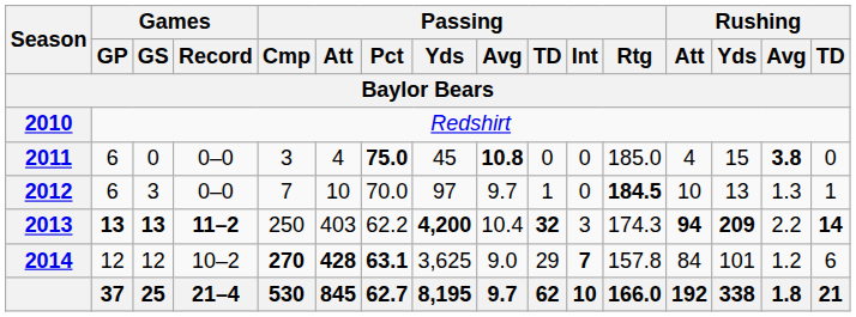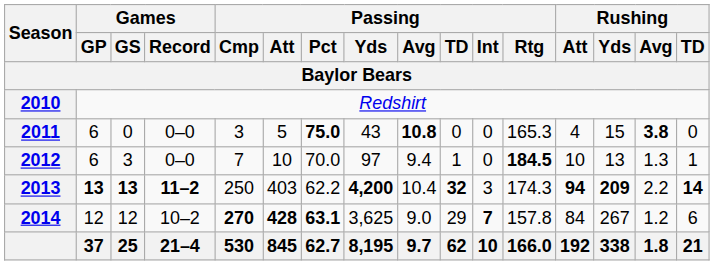 <table class="wikitable" style="text-align:center;">
 <tr>
 <th rowspan="2">Season</th>
 <th colspan="3">Games</th>
 <th colspan="8">Passing</th>
 <th colspan="5">Rushing</th>
 </tr>
 <tr>
 <th>GP</th>
 <th>GS</th>
 <th>Record</th>
 <th>Cmp</th>
 <th>Att</th>
 <th>Pct</th>
 <th>Yds</th>
 <th>Avg</th>
 <th>TD</th>
 <th>Int</th>
 <th>Rtg</th>
 <th>Att</th>
 <th>Yds</th>
 <th>Avg</th>
 <th>TD</th>
 </tr>
 <tr>
 <th colspan="16">Baylor Bears</th>
 </tr>
 <tr>
 <th><a href='#'>2010</a></th>
 <td colspan="15"><em><a href='#'>Redshirt</a> </em></td>
 </tr>
 <tr>
 <th><a href='#'>2011</a></th>
 <td>6</td>
 <td>0</td>
 <td>0–0</td>
 <td>3</td>
-<td>4</td>
+<td>5</td>
 <td><strong>75.0</strong></td>
-<td>45</td>
+<td>43</td>
 <td><strong>10.8</strong></td>
 <td>0</td>
 <td>0</td>
-<td>185.0</td>
+<td>165.3</td>
 <td>4</td>
 <td>15</td>
 <td><strong>3.8</strong></td>
 <td>0</td>
 </tr>
 <tr>
 <th><a href='#'>2012</a></th>
 <td>6</td>
 <td>3</td>
 <td>0–0</td>
 <td>7</td>
 <td>10</td>
 <td>70.0</td>
 <td>97</td>
-<td>9.7</td>
+<td>9.4</td>
 <td>1</td>
 <td>0</td>
 <td><strong>184.5</strong></td>
 <td>10</td>
 <td>13</td>
 <td>1.3</td>
 <td>1</td>
 </tr>
 <tr>
 <th><a href='#'>2013</a></th>
 <td><strong>13</strong></td>
 <td><strong>13</strong></td>
 <td><strong>11–2</strong></td>
 <td>250</td>
 <td>403</td>
 <td>62.2</td>
 <td><strong>4,200</strong></td>
 <td>10.4</td>
 <td><strong>32</strong></td>
 <td>3</td>
 <td>174.3</td>
 <td><strong>94</strong></td>
 <td><strong>209</strong></td>
 <td>2.2</td>
 <td><strong>14</strong></td>
 </tr>
 <tr>
 <th><a href='#'>2014</a></th>
 <td>12</td>
 <td>12</td>
 <td>10–2</td>
 <td><strong>270</strong></td>
 <td><strong>428</strong></td>
 <td><strong>63.1</strong></td>
 <td>3,625</td>
 <td>9.0</td>
 <td>29</td>
 <td><strong>7</strong></td>
 <td>157.8</td>
 <td>84</td>
-<td>101</td>
+<td>267</td>
 <td>1.2</td>
 <td>6</td>
 </tr>
 <tr>
 <th></th>
 <th>37</th>
 <th>25</th>
 <th>21–4</th>
 <th>530</th>
 <th>845</th>
 <th>62.7</th>
 <th>8,195</th>
 <th>9.7</th>
 <th>62</th>
 <th>10</th>
 <th>166.0</th>
 <th>192</th>
 <th>338</th>
 <th>1.8</th>
 <th>21</th>
 </tr>
 </table>
